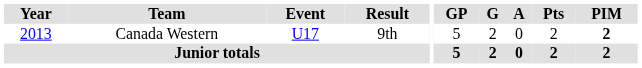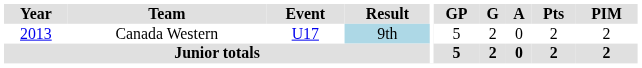 <table border="0" cellpadding="1" cellspacing="0" ID="Table3" style="text-align:center; width:40em">
 <tr ALIGN="center" bgcolor="#e0e0e0">
 <th>Year</th>
 <th>Team</th>
 <th>Event</th>
 <th>Result</th>
 <th rowspan="99" bgcolor="#ffffff"></th>
 <th>GP</th>
 <th>G</th>
 <th>A</th>
 <th>Pts</th>
 <th>PIM</th>
 </tr>
 <tr>
 <td><a href='#'>2013</a></td>
 <td>Canada Western</td>
 <td><a href='#'>U17</a></td>
-<td>9th</td>
+<td style="background: lightblue;">9th</td>
 <td>5</td>
 <td>2</td>
 <td>0</td>
 <td>2</td>
-<td><strong>2</strong></td>
+<td>2</td>
 </tr>
 <tr bgcolor="#e0e0e0">
 <th colspan="4">Junior totals</th>
 <th>5</th>
 <th>2</th>
 <th>0</th>
 <th>2</th>
 <th>2</th>
 </tr>
 </table>
